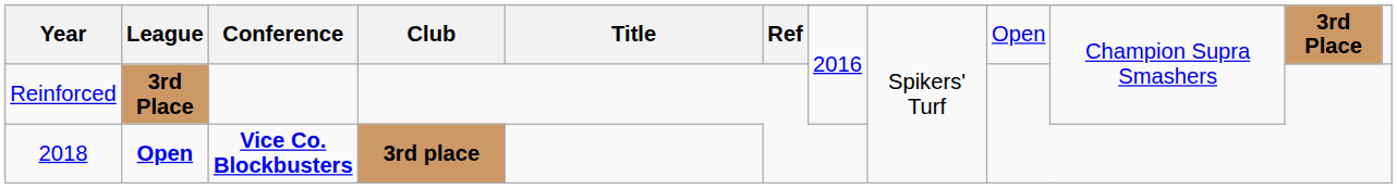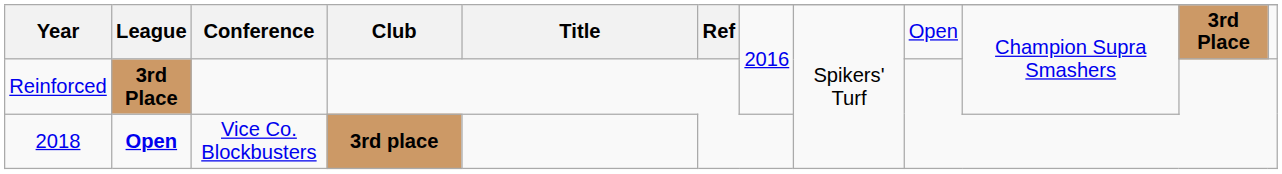 <table class="wikitable sortable" style="text-align:center" width="80%">
 <tr>
 <th style="width:5px;" rowspan="2">Year</th>
 <th style="width:25px;" rowspan="2">League</th>
 <th style="width:100px;" rowspan="2">Conference</th>
 <th style="width:100px;" rowspan="2">Club</th>
 <th style="width:180px;" rowspan="2">Title</th>
 <th style="width:25px;" rowspan="2">Ref</th>
 </tr>
 <tr align=center>
 <td rowspan=2><a href='#'>2016</a></td>
 <td rowspan=3>Spikers' Turf</td>
 <td><a href='#'>Open</a></td>
 <td rowspan=2><a href='#'>Champion Supra Smashers</a></td>
 <td style="background:#CC9966;"><strong>3rd Place</strong></td>
 <td></td>
 </tr>
 <tr align=center>
 <td><a href='#'>Reinforced</a></td>
 <td style="background:#CC9966;"><strong>3rd Place</strong></td>
 <td></td>
 </tr>
 <tr align=center>
 <td><a href='#'>2018</a></td>
 <td><strong><a href='#'>Open</a></strong></td>
-<td><strong><a href='#'>Vice Co. Blockbusters</a></strong></td>
+<td><a href='#'>Vice Co. Blockbusters</a></td>
 <td style="background:#cc9966;"><strong>3rd place</strong></td>
 <td></td>
 </tr>
 </table>
